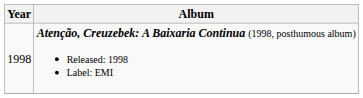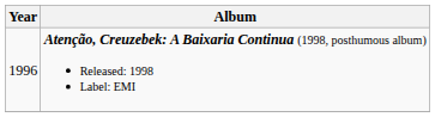 <table class="wikitable">
 <tr>
 <th>Year</th>
 <th>Album</th>
 </tr>
 <tr>
-<td>1998</td>
+<td>1996</td>
 <td><strong><em>Atenção, Creuzebek: A Baixaria Continua</em></strong> <small>(1998, posthumous album)</small><br><ul><li><small>Released: 1998</small></li><li><small>Label: EMI</small></li></ul></td>
 </tr>
 <tr>
 </tr>
 </table>
